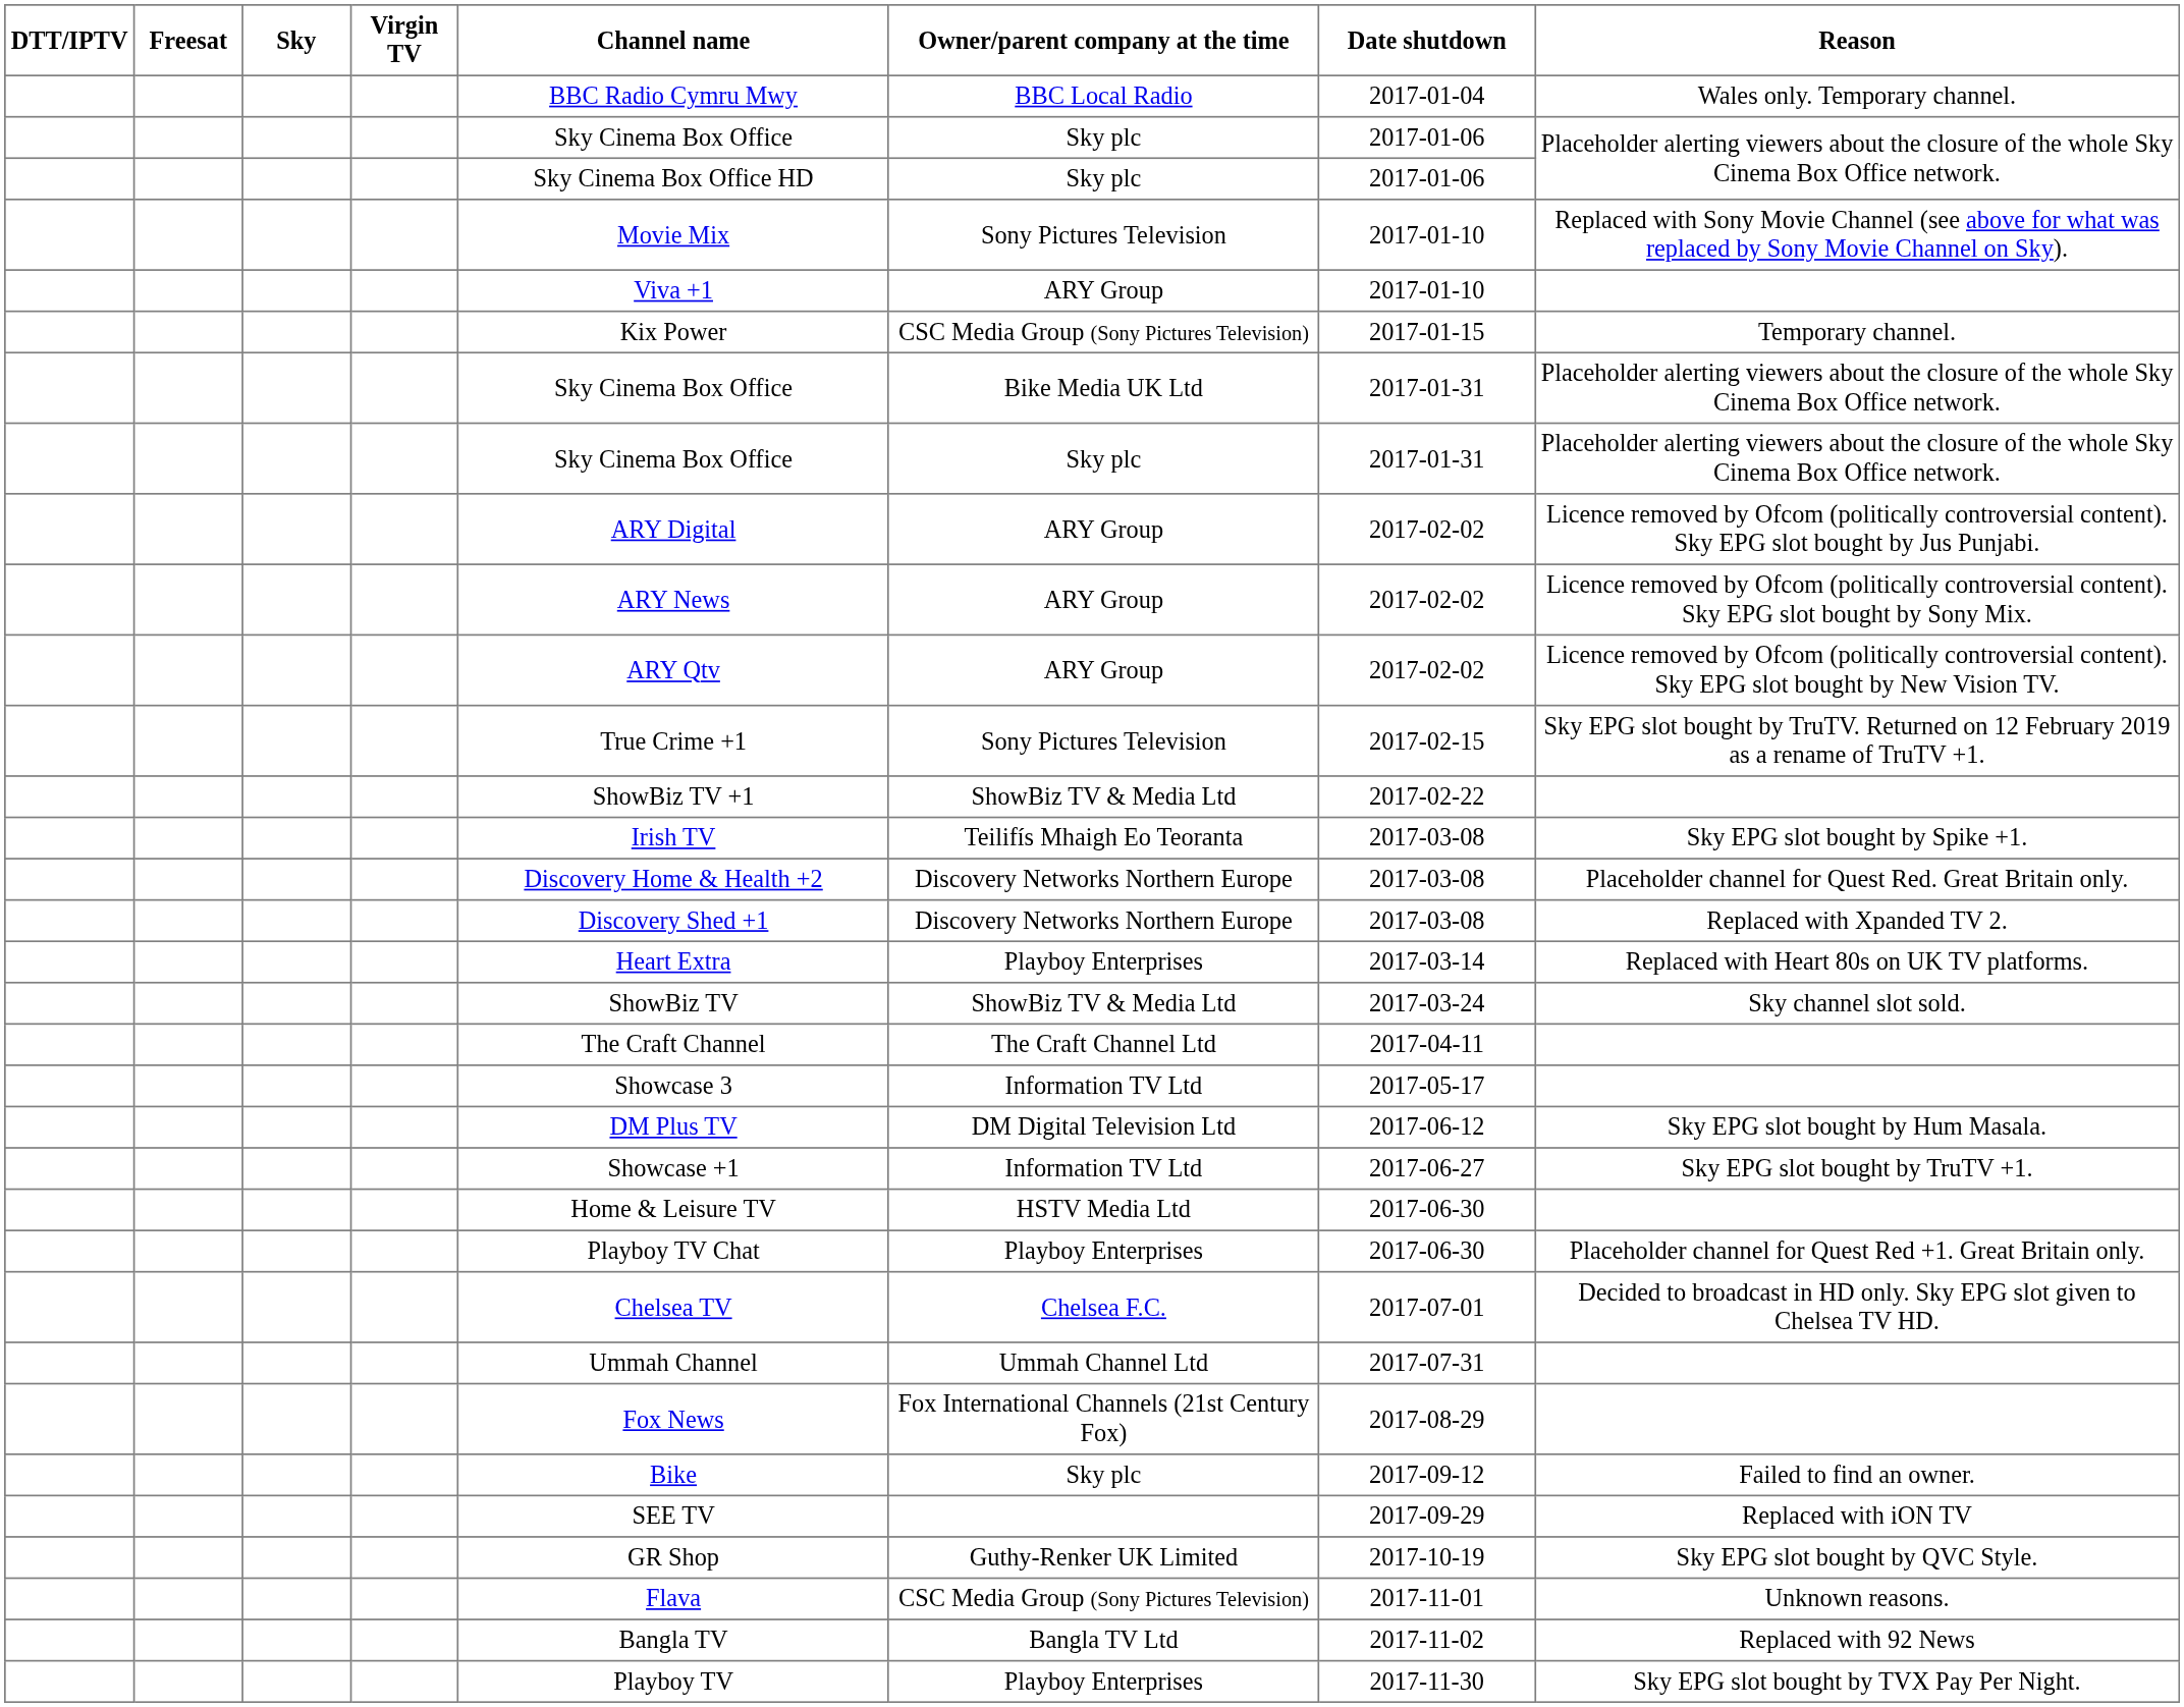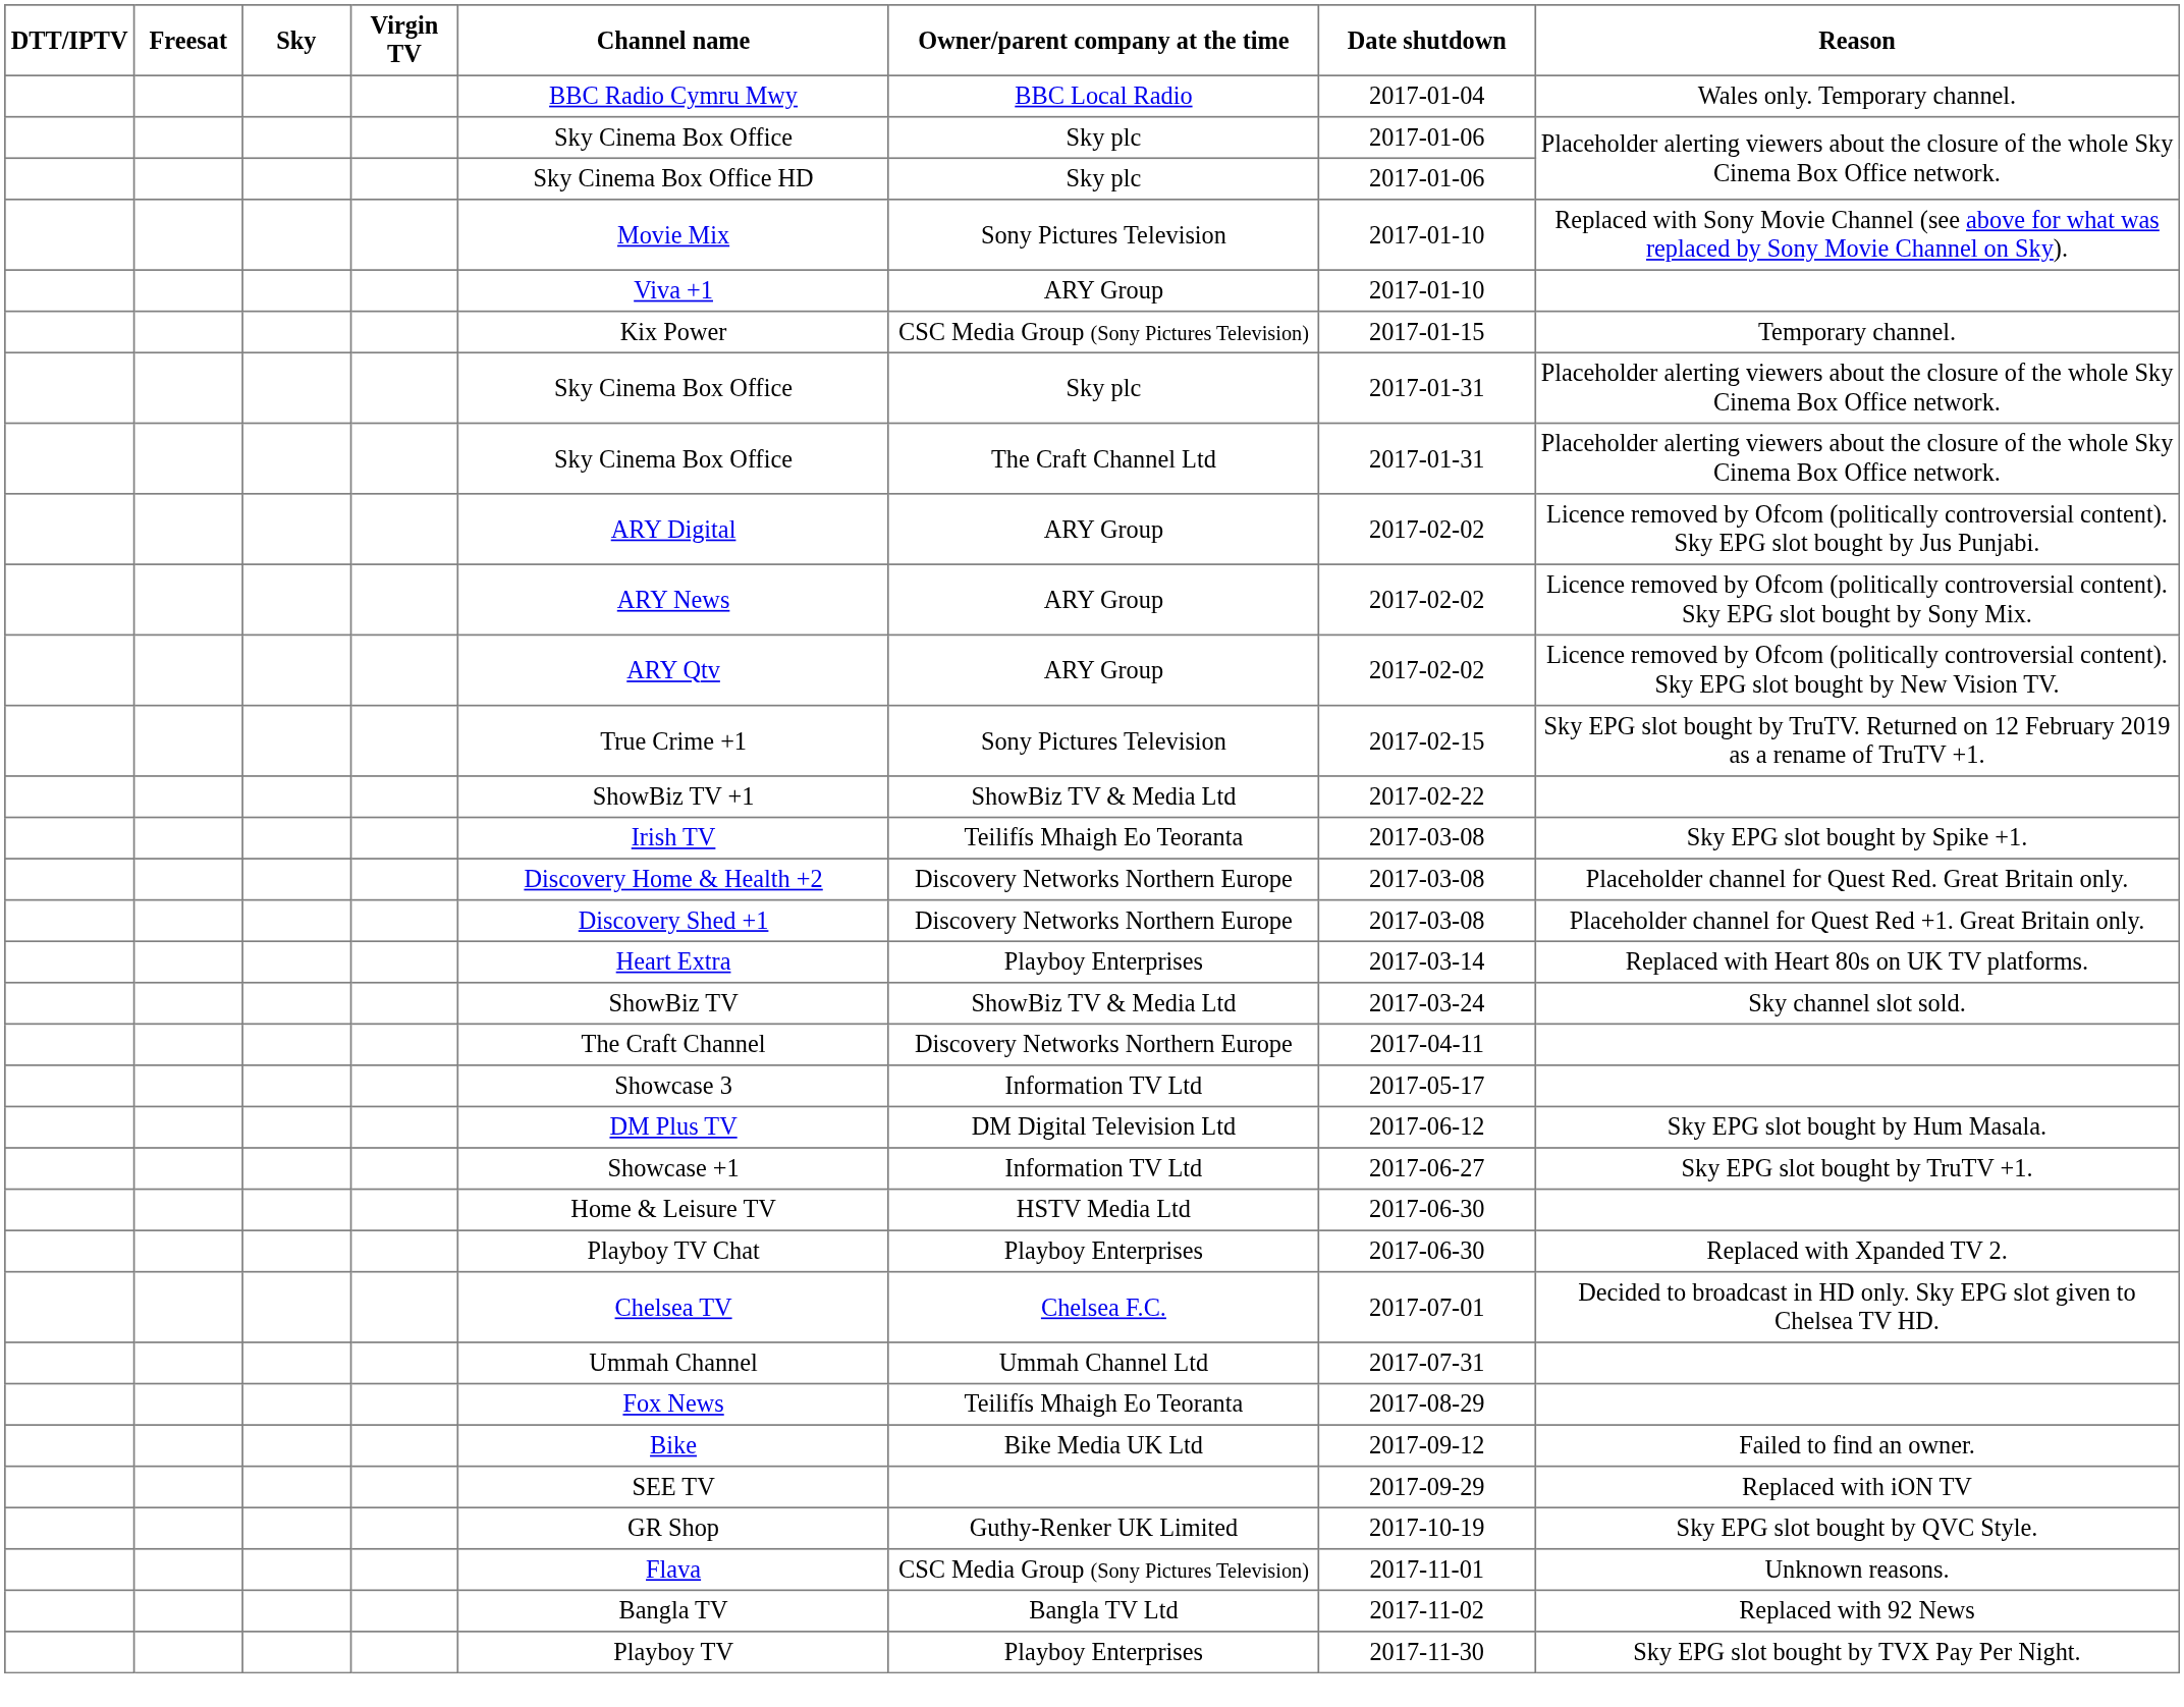 <table class="toccolors sortable" border="1" cellpadding="3" style="border-collapse:collapse; font-size: 90%; text-align:center" width="100%">
 <tr>
 <th width="5%">DTT/IPTV</th>
 <th width="5%">Freesat</th>
 <th width="5%">Sky</th>
 <th width="5%">Virgin TV</th>
 <th width="20%">Channel name</th>
 <th width="20%">Owner/parent company at the time</th>
 <th width="10%">Date shutdown </th>
 <th width="30%">Reason</th>
 </tr>
 <tr>
 <td></td>
 <td></td>
 <td></td>
 <td></td>
 <td><a href='#'>BBC Radio Cymru Mwy</a></td>
 <td><a href='#'>BBC Local Radio</a></td>
 <td>2017-01-04</td>
 <td>Wales only. Temporary channel.</td>
 </tr>
 <tr>
 <td></td>
 <td></td>
 <td></td>
 <td></td>
 <td>Sky Cinema Box Office</td>
 <td>Sky plc</td>
 <td>2017-01-06</td>
 <td rowspan="2">Placeholder alerting viewers about the closure of the whole Sky Cinema Box Office network.</td>
 </tr>
 <tr>
 <td></td>
 <td></td>
 <td></td>
 <td></td>
 <td>Sky Cinema Box Office HD</td>
 <td>Sky plc</td>
 <td>2017-01-06</td>
 </tr>
 <tr>
 <td></td>
 <td></td>
 <td></td>
 <td></td>
 <td><a href='#'>Movie Mix</a></td>
 <td>Sony Pictures Television</td>
 <td>2017-01-10</td>
 <td>Replaced with Sony Movie Channel (see <a href='#'>above for what was replaced by Sony Movie Channel on Sky</a>).</td>
 </tr>
 <tr>
 <td></td>
 <td></td>
 <td></td>
 <td></td>
 <td><a href='#'>Viva +1</a></td>
 <td>ARY Group</td>
 <td>2017-01-10</td>
 <td></td>
 </tr>
 <tr>
 <td></td>
 <td></td>
 <td></td>
 <td></td>
 <td>Kix Power</td>
 <td>CSC Media Group <small>(Sony Pictures Television)</small></td>
 <td>2017-01-15</td>
 <td>Temporary channel.</td>
 </tr>
 <tr>
 <td></td>
 <td></td>
 <td></td>
 <td></td>
 <td>Sky Cinema Box Office</td>
-<td>Bike Media UK Ltd</td>
+<td>Sky plc</td>
 <td>2017-01-31</td>
 <td>Placeholder alerting viewers about the closure of the whole Sky Cinema Box Office network.</td>
 </tr>
 <tr>
 <td></td>
 <td></td>
 <td></td>
 <td></td>
 <td>Sky Cinema Box Office</td>
-<td>Sky plc</td>
+<td>The Craft Channel Ltd</td>
 <td>2017-01-31</td>
 <td>Placeholder alerting viewers about the closure of the whole Sky Cinema Box Office network.</td>
 </tr>
 <tr>
 <td></td>
 <td></td>
 <td></td>
 <td></td>
 <td><a href='#'>ARY Digital</a></td>
 <td>ARY Group</td>
 <td>2017-02-02</td>
 <td>Licence removed by Ofcom (politically controversial content). Sky EPG slot bought by Jus Punjabi.</td>
 </tr>
 <tr>
 <td></td>
 <td></td>
 <td></td>
 <td></td>
 <td><a href='#'>ARY News</a></td>
 <td>ARY Group</td>
 <td>2017-02-02</td>
 <td>Licence removed by Ofcom (politically controversial content). Sky EPG slot bought by Sony Mix.</td>
 </tr>
 <tr>
 <td></td>
 <td></td>
 <td></td>
 <td></td>
 <td><a href='#'>ARY Qtv</a></td>
 <td>ARY Group</td>
 <td>2017-02-02</td>
 <td>Licence removed by Ofcom (politically controversial content). Sky EPG slot bought by New Vision TV.</td>
 </tr>
 <tr>
 <td></td>
 <td></td>
 <td></td>
 <td></td>
 <td>True Crime +1</td>
 <td>Sony Pictures Television</td>
 <td>2017-02-15</td>
 <td>Sky EPG slot bought by TruTV. Returned on 12 February 2019 as a rename of TruTV +1.</td>
 </tr>
 <tr>
 <td></td>
 <td></td>
 <td></td>
 <td></td>
 <td>ShowBiz TV +1</td>
 <td>ShowBiz TV & Media Ltd</td>
 <td>2017-02-22</td>
 <td></td>
 </tr>
 <tr>
 <td></td>
 <td></td>
 <td></td>
 <td></td>
 <td><a href='#'>Irish TV</a></td>
 <td>Teilifís Mhaigh Eo Teoranta</td>
 <td>2017-03-08</td>
 <td>Sky EPG slot bought by Spike +1.</td>
 </tr>
 <tr>
 <td></td>
 <td></td>
 <td></td>
 <td></td>
 <td><a href='#'>Discovery Home & Health +2</a></td>
 <td>Discovery Networks Northern Europe</td>
 <td>2017-03-08</td>
 <td>Placeholder channel for Quest Red. Great Britain only.</td>
 </tr>
 <tr>
 <td></td>
 <td></td>
 <td></td>
 <td></td>
 <td><a href='#'>Discovery Shed +1</a></td>
 <td>Discovery Networks Northern Europe</td>
 <td>2017-03-08</td>
-<td>Replaced with Xpanded TV 2.</td>
+<td>Placeholder channel for Quest Red +1. Great Britain only.</td>
 </tr>
 <tr>
 <td></td>
 <td></td>
 <td></td>
 <td></td>
 <td><a href='#'>Heart Extra</a></td>
 <td>Playboy Enterprises</td>
 <td>2017-03-14</td>
 <td>Replaced with Heart 80s on UK TV platforms.</td>
 </tr>
 <tr>
 <td></td>
 <td></td>
 <td></td>
 <td></td>
 <td>ShowBiz TV</td>
 <td>ShowBiz TV & Media Ltd</td>
 <td>2017-03-24</td>
 <td>Sky channel slot sold.</td>
 </tr>
 <tr>
 <td></td>
 <td></td>
 <td></td>
 <td></td>
 <td>The Craft Channel</td>
-<td>The Craft Channel Ltd</td>
+<td>Discovery Networks Northern Europe</td>
 <td>2017-04-11</td>
 <td></td>
 </tr>
 <tr>
 <td></td>
 <td></td>
 <td></td>
 <td></td>
 <td>Showcase 3</td>
 <td>Information TV Ltd</td>
 <td>2017-05-17</td>
 <td></td>
 </tr>
 <tr>
 <td></td>
 <td></td>
 <td></td>
 <td></td>
 <td><a href='#'>DM Plus TV</a></td>
 <td>DM Digital Television Ltd</td>
 <td>2017-06-12</td>
 <td>Sky EPG slot bought by Hum Masala.</td>
 </tr>
 <tr>
 <td></td>
 <td></td>
 <td></td>
 <td></td>
 <td>Showcase +1</td>
 <td>Information TV Ltd</td>
 <td>2017-06-27</td>
 <td>Sky EPG slot bought by TruTV +1.</td>
 </tr>
 <tr>
 <td></td>
 <td></td>
 <td></td>
 <td></td>
 <td>Home & Leisure TV</td>
 <td>HSTV Media Ltd</td>
 <td>2017-06-30</td>
 <td></td>
 </tr>
 <tr>
 <td></td>
 <td></td>
 <td></td>
 <td></td>
 <td>Playboy TV Chat</td>
 <td>Playboy Enterprises</td>
 <td>2017-06-30</td>
-<td>Placeholder channel for Quest Red +1. Great Britain only.</td>
+<td>Replaced with Xpanded TV 2.</td>
 </tr>
 <tr>
 <td></td>
 <td></td>
 <td></td>
 <td></td>
 <td><a href='#'>Chelsea TV</a></td>
 <td><a href='#'>Chelsea F.C.</a></td>
 <td>2017-07-01</td>
 <td>Decided to broadcast in HD only. Sky EPG slot given to Chelsea TV HD.</td>
 </tr>
 <tr>
 <td></td>
 <td></td>
 <td></td>
 <td></td>
 <td>Ummah Channel</td>
 <td>Ummah Channel Ltd</td>
 <td>2017-07-31</td>
 <td></td>
 </tr>
 <tr>
 <td></td>
 <td></td>
 <td></td>
 <td></td>
 <td><a href='#'>Fox News</a></td>
-<td>Fox International Channels (21st Century Fox)</td>
+<td>Teilifís Mhaigh Eo Teoranta</td>
 <td>2017-08-29</td>
 <td></td>
 </tr>
 <tr>
 <td></td>
 <td></td>
 <td></td>
 <td></td>
 <td><a href='#'>Bike</a></td>
-<td>Sky plc</td>
+<td>Bike Media UK Ltd</td>
 <td>2017-09-12</td>
 <td>Failed to find an owner.</td>
 </tr>
 <tr>
 <td></td>
 <td></td>
 <td></td>
 <td></td>
 <td>SEE TV</td>
 <td></td>
 <td>2017-09-29</td>
 <td>Replaced with iON TV</td>
 </tr>
 <tr>
 <td></td>
 <td></td>
 <td></td>
 <td></td>
 <td>GR Shop</td>
 <td>Guthy-Renker UK Limited</td>
 <td>2017-10-19</td>
 <td>Sky EPG slot bought by QVC Style.</td>
 </tr>
 <tr>
 <td></td>
 <td></td>
 <td></td>
 <td></td>
 <td><a href='#'>Flava</a></td>
 <td>CSC Media Group <small>(Sony Pictures Television)</small></td>
 <td>2017-11-01</td>
 <td>Unknown reasons.</td>
 </tr>
 <tr>
 <td></td>
 <td></td>
 <td></td>
 <td></td>
 <td>Bangla TV</td>
 <td>Bangla TV Ltd</td>
 <td>2017-11-02</td>
 <td>Replaced with 92 News</td>
 </tr>
 <tr>
 <td></td>
 <td></td>
 <td></td>
 <td></td>
 <td>Playboy TV</td>
 <td>Playboy Enterprises</td>
 <td>2017-11-30</td>
 <td>Sky EPG slot bought by TVX Pay Per Night.</td>
 </tr>
 </table>
